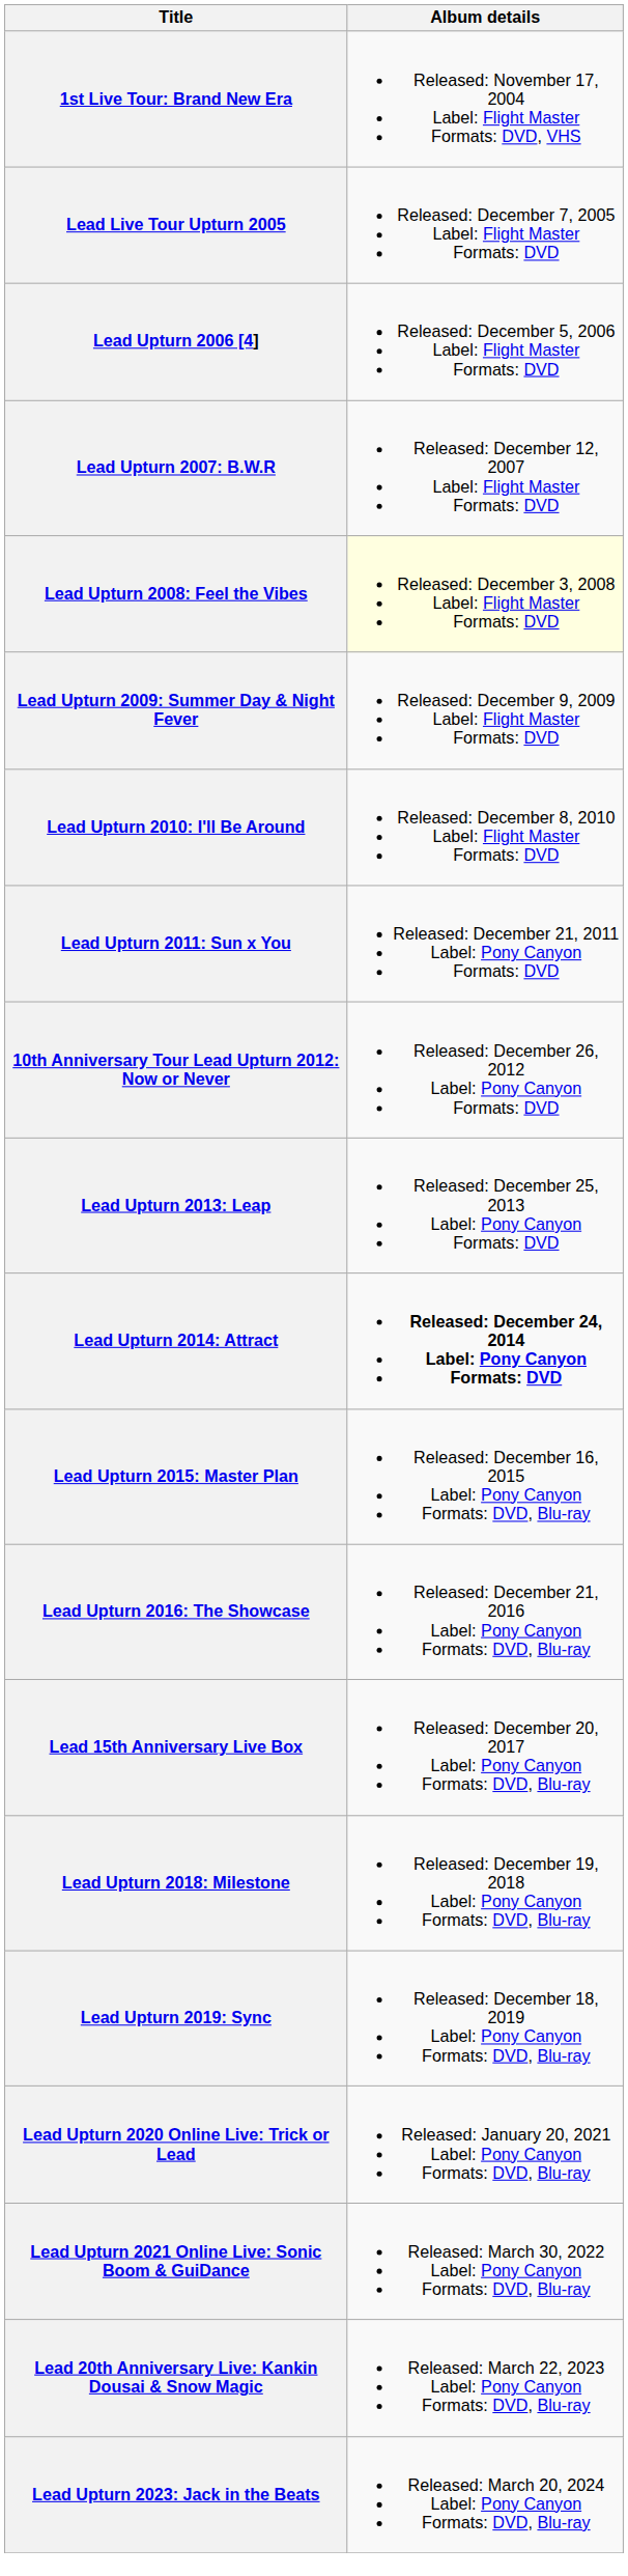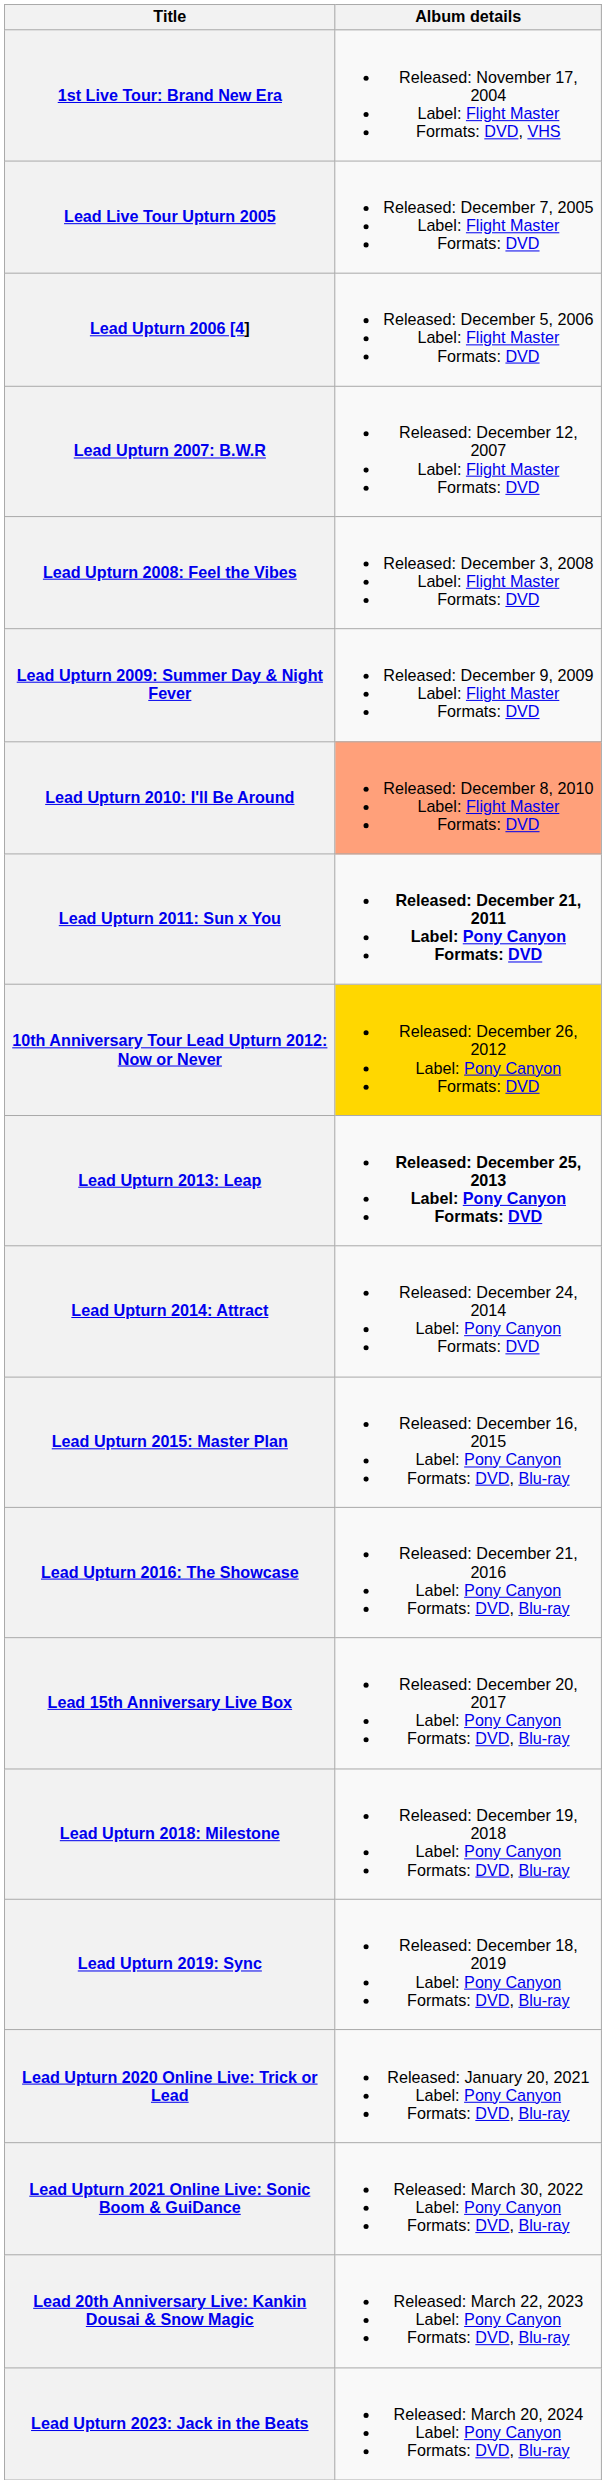 <table class="wikitable sortable plainrowheaders" style="text-align:center;">
 <tr bgcolor="#CCCCCC">
 <th scope="col" style="width:20em;">Title</th>
 <th scope="col" style="width:16em;">Album details</th>
 </tr>
 <tr>
 <th scope="row"><a href='#'>1st Live Tour: Brand New Era</a></th>
 <td><br><ul><li>Released: November 17, 2004</li><li>Label: <a href='#'>Flight Master</a></li><li>Formats: <a href='#'>DVD</a>, <a href='#'>VHS</a></li></ul></td>
 </tr>
 <tr>
 <th scope="row"><a href='#'>Lead Live Tour Upturn 2005</a></th>
 <td><br><ul><li>Released: December 7, 2005</li><li>Label: <a href='#'>Flight Master</a></li><li>Formats: <a href='#'>DVD</a></li></ul></td>
 </tr>
 <tr>
 <th scope="row"><a href='#'>Lead Upturn 2006 [4</a>]</th>
 <td><br><ul><li>Released: December 5, 2006</li><li>Label: <a href='#'>Flight Master</a></li><li>Formats: <a href='#'>DVD</a></li></ul></td>
 </tr>
 <tr>
 <th scope="row"><a href='#'>Lead Upturn 2007: B.W.R</a></th>
 <td><br><ul><li>Released: December 12, 2007</li><li>Label: <a href='#'>Flight Master</a></li><li>Formats: <a href='#'>DVD</a></li></ul></td>
 </tr>
 <tr>
 <th scope="row"><a href='#'>Lead Upturn 2008: Feel the Vibes</a></th>
-<td style="background: lightyellow;"><br><ul><li>Released: December 3, 2008</li><li>Label: <a href='#'>Flight Master</a></li><li>Formats: <a href='#'>DVD</a></li></ul></td>
+<td><br><ul><li>Released: December 3, 2008</li><li>Label: <a href='#'>Flight Master</a></li><li>Formats: <a href='#'>DVD</a></li></ul></td>
 </tr>
 <tr>
 <th scope="row"><a href='#'>Lead Upturn 2009: Summer Day & Night Fever</a></th>
 <td><br><ul><li>Released: December 9, 2009</li><li>Label: <a href='#'>Flight Master</a></li><li>Formats: <a href='#'>DVD</a></li></ul></td>
 </tr>
 <tr>
 <th scope="row"><a href='#'>Lead Upturn 2010: I'll Be Around</a></th>
-<td><br><ul><li>Released: December 8, 2010</li><li>Label: <a href='#'>Flight Master</a></li><li>Formats: <a href='#'>DVD</a></li></ul></td>
+<td style="background: lightsalmon;"><br><ul><li>Released: December 8, 2010</li><li>Label: <a href='#'>Flight Master</a></li><li>Formats: <a href='#'>DVD</a></li></ul></td>
 </tr>
 <tr>
 <th scope="row"><a href='#'>Lead Upturn 2011: Sun x You</a></th>
-<td><br><ul><li>Released: December 21, 2011</li><li>Label: <a href='#'>Pony Canyon</a></li><li>Formats: <a href='#'>DVD</a></li></ul></td>
+<td><strong><br><ul><li>Released: December 21, 2011</li><li>Label: <a href='#'>Pony Canyon</a></li><li>Formats: <a href='#'>DVD</a></li></ul></strong></td>
 </tr>
 <tr>
 <th scope="row"><a href='#'>10th Anniversary Tour Lead Upturn 2012: Now or Never</a></th>
-<td><br><ul><li>Released: December 26, 2012</li><li>Label: <a href='#'>Pony Canyon</a></li><li>Formats: <a href='#'>DVD</a></li></ul></td>
+<td style="background: gold;"><br><ul><li>Released: December 26, 2012</li><li>Label: <a href='#'>Pony Canyon</a></li><li>Formats: <a href='#'>DVD</a></li></ul></td>
 </tr>
 <tr>
 <th scope="row"><a href='#'>Lead Upturn 2013: Leap</a></th>
-<td><br><ul><li>Released: December 25, 2013</li><li>Label: <a href='#'>Pony Canyon</a></li><li>Formats: <a href='#'>DVD</a></li></ul></td>
+<td><strong><br><ul><li>Released: December 25, 2013</li><li>Label: <a href='#'>Pony Canyon</a></li><li>Formats: <a href='#'>DVD</a></li></ul></strong></td>
 </tr>
 <tr>
 <th scope="row"><a href='#'>Lead Upturn 2014: Attract</a></th>
-<td><strong><br><ul><li>Released: December 24, 2014</li><li>Label: <a href='#'>Pony Canyon</a></li><li>Formats: <a href='#'>DVD</a></li></ul></strong></td>
+<td><br><ul><li>Released: December 24, 2014</li><li>Label: <a href='#'>Pony Canyon</a></li><li>Formats: <a href='#'>DVD</a></li></ul></td>
 </tr>
 <tr>
 <th scope="row"><a href='#'>Lead Upturn 2015: Master Plan</a></th>
 <td><br><ul><li>Released: December 16, 2015</li><li>Label: <a href='#'>Pony Canyon</a></li><li>Formats: <a href='#'>DVD</a>, <a href='#'>Blu-ray</a></li></ul></td>
 </tr>
 <tr>
 <th scope="row"><a href='#'>Lead Upturn 2016: The Showcase</a></th>
 <td><br><ul><li>Released: December 21, 2016</li><li>Label: <a href='#'>Pony Canyon</a></li><li>Formats: <a href='#'>DVD</a>, <a href='#'>Blu-ray</a></li></ul></td>
 </tr>
 <tr>
 <th scope="row"><a href='#'>Lead 15th Anniversary Live Box</a></th>
 <td><br><ul><li>Released: December 20, 2017</li><li>Label: <a href='#'>Pony Canyon</a></li><li>Formats: <a href='#'>DVD</a>, <a href='#'>Blu-ray</a></li></ul></td>
 </tr>
 <tr>
 <th scope="row"><a href='#'>Lead Upturn 2018: Milestone</a></th>
 <td><br><ul><li>Released: December 19, 2018</li><li>Label: <a href='#'>Pony Canyon</a></li><li>Formats: <a href='#'>DVD</a>, <a href='#'>Blu-ray</a></li></ul></td>
 </tr>
 <tr>
 <th scope="row"><a href='#'>Lead Upturn 2019: Sync</a></th>
 <td><br><ul><li>Released: December 18, 2019</li><li>Label: <a href='#'>Pony Canyon</a></li><li>Formats: <a href='#'>DVD</a>, <a href='#'>Blu-ray</a></li></ul></td>
 </tr>
 <tr>
 <th scope="row"><a href='#'>Lead Upturn 2020 Online Live: Trick or Lead</a></th>
 <td><br><ul><li>Released: January 20, 2021</li><li>Label: <a href='#'>Pony Canyon</a></li><li>Formats: <a href='#'>DVD</a>, <a href='#'>Blu-ray</a></li></ul></td>
 </tr>
 <tr>
 <th scope="row"><a href='#'>Lead Upturn 2021 Online Live: Sonic Boom & GuiDance</a></th>
 <td><br><ul><li>Released: March 30, 2022</li><li>Label: <a href='#'>Pony Canyon</a></li><li>Formats: <a href='#'>DVD</a>, <a href='#'>Blu-ray</a></li></ul></td>
 </tr>
 <tr>
 <th scope="row"><a href='#'>Lead 20th Anniversary Live: Kankin Dousai & Snow Magic</a></th>
 <td><br><ul><li>Released: March 22, 2023</li><li>Label: <a href='#'>Pony Canyon</a></li><li>Formats: <a href='#'>DVD</a>, <a href='#'>Blu-ray</a></li></ul></td>
 </tr>
 <tr>
 <th scope="row"><a href='#'>Lead Upturn 2023: Jack in the Beats</a></th>
 <td><br><ul><li>Released: March 20, 2024</li><li>Label: <a href='#'>Pony Canyon</a></li><li>Formats: <a href='#'>DVD</a>, <a href='#'>Blu-ray</a></li></ul></td>
 </tr>
 </table>
